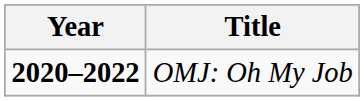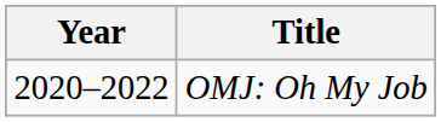 <table class="wikitable">
 <tr>
 <th>Year</th>
 <th>Title</th>
 </tr>
 <tr>
-<td><strong>2020–2022</strong></td>
+<td>2020–2022</td>
 <td><em>OMJ: Oh My Job</em></td>
 </tr>
 </table>
